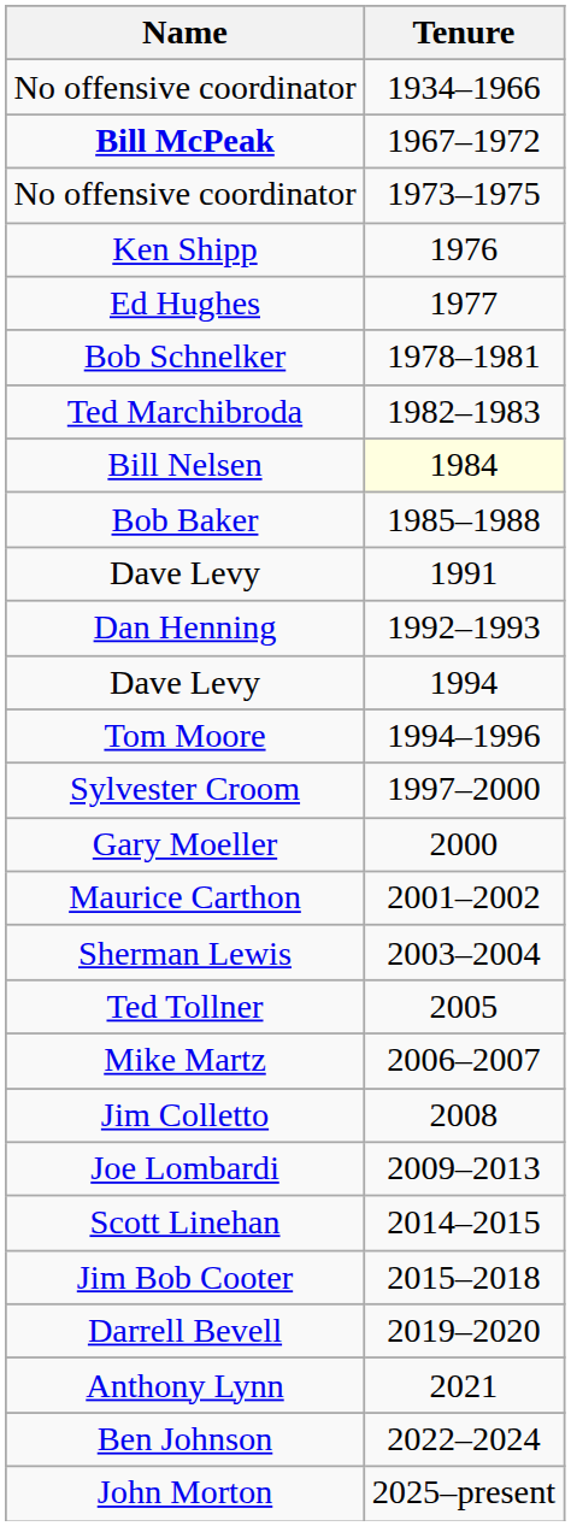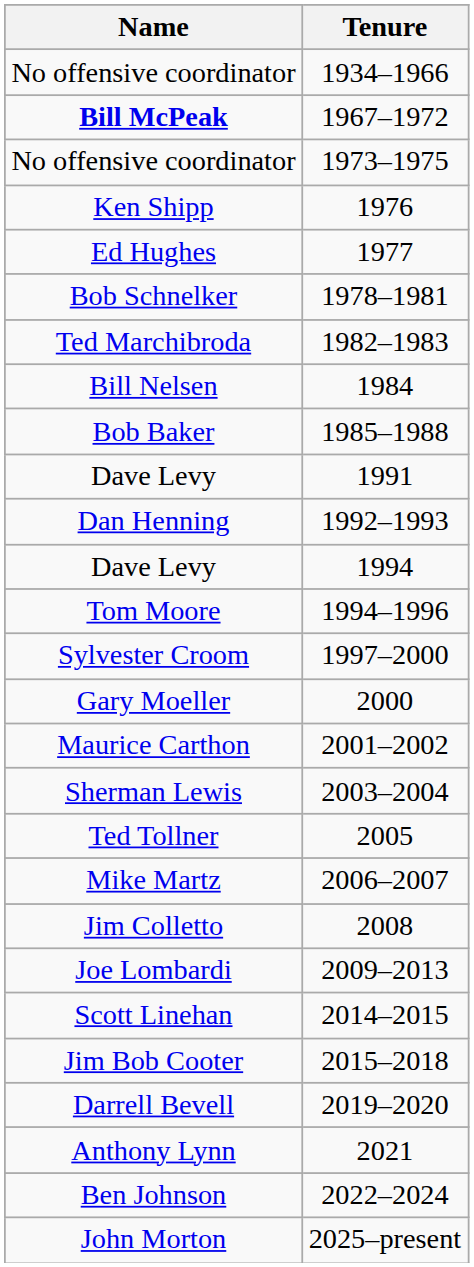 <table class="wikitable" style="text-align:center">
 <tr>
 <th>Name</th>
 <th>Tenure</th>
 </tr>
 <tr>
 <td>No offensive coordinator</td>
 <td>1934–1966</td>
 </tr>
 <tr>
 <td><strong><a href='#'>Bill McPeak</a></strong></td>
 <td>1967–1972</td>
 </tr>
 <tr>
 <td>No offensive coordinator</td>
 <td>1973–1975</td>
 </tr>
 <tr>
 <td><a href='#'>Ken Shipp</a></td>
 <td>1976</td>
 </tr>
 <tr>
 <td><a href='#'>Ed Hughes</a></td>
 <td>1977</td>
 </tr>
 <tr>
 <td><a href='#'>Bob Schnelker</a></td>
 <td>1978–1981</td>
 </tr>
 <tr>
 <td><a href='#'>Ted Marchibroda</a></td>
 <td>1982–1983</td>
 </tr>
 <tr>
 <td><a href='#'>Bill Nelsen</a></td>
-<td style="background: lightyellow;">1984</td>
+<td>1984</td>
 </tr>
 <tr>
 <td><a href='#'>Bob Baker</a></td>
 <td>1985–1988</td>
 </tr>
 <tr>
 <td>Dave Levy</td>
 <td>1991</td>
 </tr>
 <tr>
 <td><a href='#'>Dan Henning</a></td>
 <td>1992–1993</td>
 </tr>
 <tr>
 <td>Dave Levy</td>
 <td>1994</td>
 </tr>
 <tr>
 <td><a href='#'>Tom Moore</a></td>
 <td>1994–1996</td>
 </tr>
 <tr>
 <td><a href='#'>Sylvester Croom</a></td>
 <td>1997–2000</td>
 </tr>
 <tr>
 <td><a href='#'>Gary Moeller</a></td>
 <td>2000</td>
 </tr>
 <tr>
 <td><a href='#'>Maurice Carthon</a></td>
 <td>2001–2002</td>
 </tr>
 <tr>
 <td><a href='#'>Sherman Lewis</a></td>
 <td>2003–2004</td>
 </tr>
 <tr>
 <td><a href='#'>Ted Tollner</a></td>
 <td>2005</td>
 </tr>
 <tr>
 <td><a href='#'>Mike Martz</a></td>
 <td>2006–2007</td>
 </tr>
 <tr>
 <td><a href='#'>Jim Colletto</a></td>
 <td>2008</td>
 </tr>
 <tr>
 <td><a href='#'>Joe Lombardi</a></td>
 <td>2009–2013</td>
 </tr>
 <tr>
 <td><a href='#'>Scott Linehan</a></td>
 <td>2014–2015</td>
 </tr>
 <tr>
 <td><a href='#'>Jim Bob Cooter</a></td>
 <td>2015–2018</td>
 </tr>
 <tr>
 <td><a href='#'>Darrell Bevell</a></td>
 <td>2019–2020</td>
 </tr>
 <tr>
 <td><a href='#'>Anthony Lynn</a></td>
 <td>2021</td>
 </tr>
 <tr>
 <td><a href='#'>Ben Johnson</a></td>
 <td>2022–2024</td>
 </tr>
 <tr>
 <td><a href='#'>John Morton</a></td>
 <td>2025–present</td>
 </tr>
 </table>
